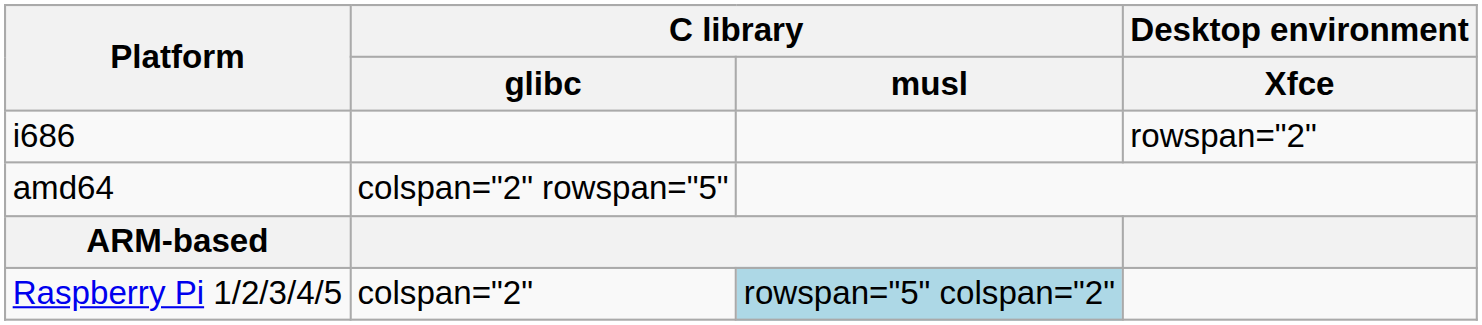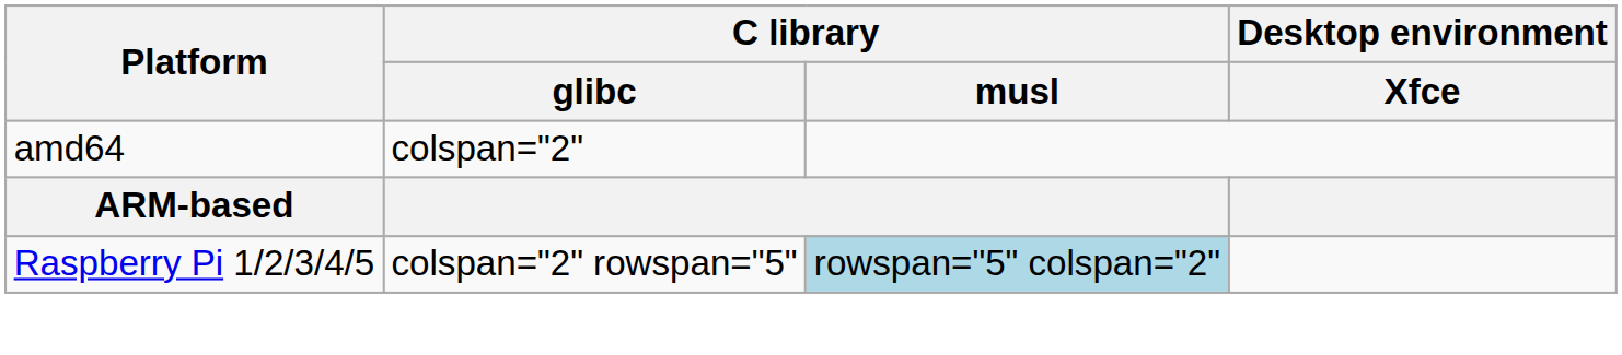 <table class="wikitable">
 <tr>
 <th rowspan="2">Platform</th>
 <th colspan="2">C library</th>
 <th>Desktop environment</th>
 </tr>
 <tr>
 <th>glibc</th>
 <th>musl</th>
 <th>Xfce</th>
 </tr>
 <tr>
-<td>i686</td>
-<td></td>
-<td></td>
-<td>rowspan="2" </td>
-</tr>
-<tr>
 <td>amd64</td>
-<td>colspan="2" rowspan="5" </td>
+<td>colspan="2" </td>
 </tr>
 <tr>
 <th>ARM-based</th>
 <th colspan="2"></th>
 <th></th>
 </tr>
 <tr>
 <td><a href='#'>Raspberry Pi</a> 1/2/3/4/5</td>
-<td>colspan="2" </td>
+<td>colspan="2" rowspan="5" </td>
 <td style="background: lightblue;">rowspan="5" colspan="2" </td>
 </tr>
 </table>
